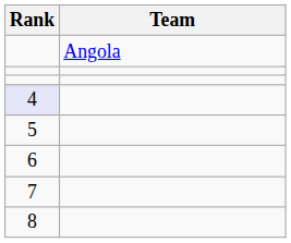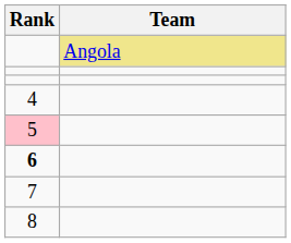 <table class="wikitable" style="text-align:center;">
 <tr>
 <th>Rank</th>
 <th width=180>Team</th>
 </tr>
 <tr>
 <td></td>
-<td align=left> <a href='#'>Angola</a></td>
+<td align=left style="background: khaki;"> <a href='#'>Angola</a></td>
 </tr>
 <tr>
 <td></td>
 <td align=left></td>
 </tr>
 <tr>
 <td></td>
 <td align=left></td>
 </tr>
 <tr>
-<td style="background: lavender;">4</td>
+<td>4</td>
 <td align=left></td>
 </tr>
 <tr>
-<td>5</td>
+<td style="background: pink;">5</td>
 <td align=left></td>
 </tr>
 <tr>
-<td>6</td>
+<td><strong>6</strong></td>
 <td align=left></td>
 </tr>
 <tr>
 <td>7</td>
 <td align=left></td>
 </tr>
 <tr>
 <td>8</td>
 <td align=left></td>
 </tr>
 </table>
